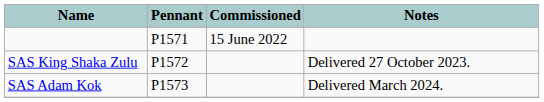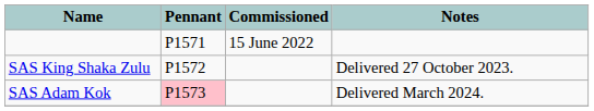 <table class="wikitable">
 <tr>
 <th style="text-align:center; background:#acc; width:150px;">Name</th>
 <th style="text-align:center; background:#acc; width:50px;">Pennant</th>
 <th style="text-align:center; background:#acc; width:25px;">Commissioned</th>
 <th style="text-align:center; background:#acc; width:250px;">Notes</th>
 </tr>
 <tr>
 <td></td>
 <td>P1571</td>
 <td>15 June 2022</td>
 <td></td>
 </tr>
 <tr>
 <td><a href='#'>SAS King Shaka Zulu</a></td>
 <td>P1572</td>
 <td></td>
 <td>Delivered 27 October 2023.</td>
 </tr>
 <tr>
 <td><a href='#'>SAS Adam Kok</a></td>
-<td>P1573</td>
+<td style="background: pink;">P1573</td>
 <td></td>
 <td>Delivered March 2024.</td>
 </tr>
 <tr>
 </tr>
 </table>
